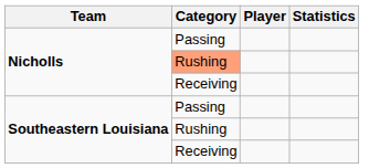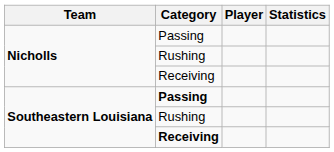 <table class="wikitable" style="float: left;">
 <tr>
 <th>Team</th>
 <th>Category</th>
 <th>Player</th>
 <th>Statistics</th>
 </tr>
 <tr>
 <td rowspan=3><strong>Nicholls</strong></td>
 <td>Passing</td>
 <td> </td>
 <td> </td>
 </tr>
 <tr>
-<td style="background: lightsalmon;">Rushing</td>
+<td>Rushing</td>
 <td> </td>
 <td> </td>
 </tr>
 <tr>
 <td>Receiving</td>
 <td> </td>
 <td> </td>
 </tr>
 <tr>
 <td rowspan=3><strong>Southeastern Louisiana</strong></td>
-<td>Passing</td>
+<td><strong>Passing</strong></td>
 <td> </td>
 <td> </td>
 </tr>
 <tr>
 <td>Rushing</td>
 <td> </td>
 <td> </td>
 </tr>
 <tr>
-<td>Receiving</td>
+<td><strong>Receiving</strong></td>
 <td> </td>
 <td> </td>
 </tr>
 </table>
